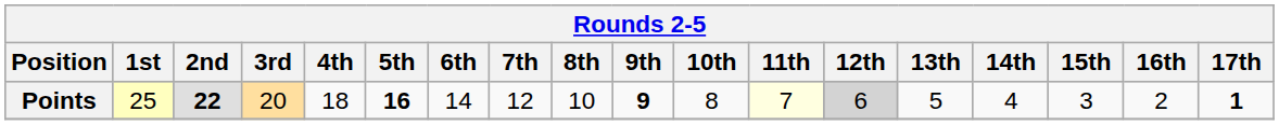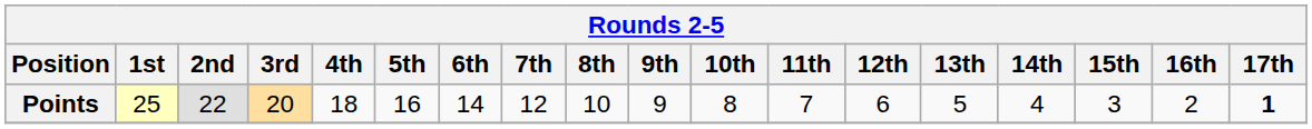 <table class="wikitable" style="font-size:85%; text-align:center">
 <tr>
 <th colspan=18><a href='#'>Rounds 2-5</a></th>
 </tr>
 <tr>
 <th>Position</th>
 <th> 1st </th>
 <th> 2nd </th>
 <th> 3rd </th>
 <th> 4th </th>
 <th> 5th </th>
 <th> 6th </th>
 <th> 7th </th>
 <th> 8th </th>
 <th> 9th </th>
 <th> 10th </th>
 <th> 11th </th>
 <th> 12th </th>
 <th> 13th </th>
 <th> 14th </th>
 <th> 15th </th>
 <th> 16th </th>
 <th> 17th </th>
 </tr>
 <tr>
 <th>Points</th>
 <td style="background:#FFFFBF;">25</td>
-<td style="background:#DFDFDF;"><strong>22</strong></td>
+<td style="background:#DFDFDF;">22</td>
 <td style="background:#FFDF9F;">20</td>
 <td>18</td>
-<td><strong>16</strong></td>
+<td>16</td>
 <td>14</td>
 <td>12</td>
 <td>10</td>
-<td><strong>9</strong></td>
+<td>9</td>
 <td>8</td>
-<td style="background: lightyellow;">7</td>
-<td style="background: lightgrey;">6</td>
+<td>7</td>
+<td>6</td>
 <td>5</td>
 <td>4</td>
 <td>3</td>
 <td>2</td>
 <td><strong>1</strong></td>
 </tr>
 <tr>
 </tr>
 </table>
